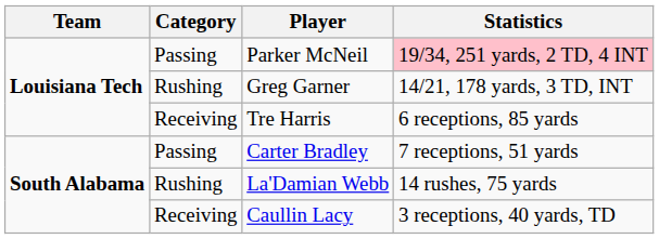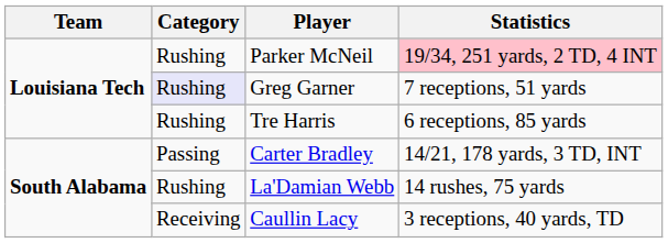 <table class="wikitable" style="float: left;">
 <tr>
 <th>Team</th>
 <th>Category</th>
 <th>Player</th>
 <th>Statistics</th>
 </tr>
 <tr>
 <td rowspan=3><strong>Louisiana Tech</strong></td>
-<td>Passing</td>
+<td>Rushing</td>
 <td>Parker McNeil</td>
 <td style="background: pink;">19/34, 251 yards, 2 TD, 4 INT</td>
 </tr>
 <tr>
-<td>Rushing</td>
+<td style="background: lavender;">Rushing</td>
 <td>Greg Garner</td>
-<td>14/21, 178 yards, 3 TD, INT</td>
+<td>7 receptions, 51 yards</td>
 </tr>
 <tr>
-<td>Receiving</td>
+<td>Rushing</td>
 <td>Tre Harris</td>
 <td>6 receptions, 85 yards</td>
 </tr>
 <tr>
 <td rowspan=3><strong>South Alabama</strong></td>
 <td>Passing</td>
 <td><a href='#'>Carter Bradley</a></td>
-<td>7 receptions, 51 yards</td>
+<td>14/21, 178 yards, 3 TD, INT</td>
 </tr>
 <tr>
 <td>Rushing</td>
 <td><a href='#'>La'Damian Webb</a></td>
 <td>14 rushes, 75 yards</td>
 </tr>
 <tr>
 <td>Receiving</td>
 <td><a href='#'>Caullin Lacy</a></td>
 <td>3 receptions, 40 yards, TD</td>
 </tr>
 </table>
